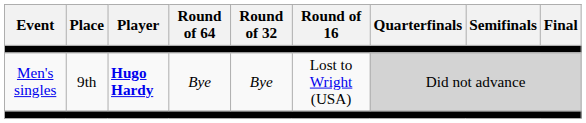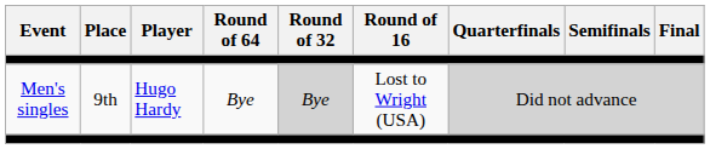 <table class=wikitable style="text-align:center">
 <tr>
 <th>Event</th>
 <th>Place</th>
 <th>Player</th>
 <th>Round of 64</th>
 <th>Round of 32</th>
 <th>Round of 16</th>
 <th>Quarterfinals</th>
 <th>Semifinals</th>
 <th>Final</th>
 </tr>
 <tr bgcolor=black>
 <td colspan=9></td>
 </tr>
 <tr>
 <td><a href='#'>Men's singles</a></td>
 <td>9th</td>
-<td align=left><strong><a href='#'>Hugo Hardy</a></strong></td>
+<td align=left><a href='#'>Hugo Hardy</a></td>
 <td><em>Bye</em></td>
-<td><em>Bye</em></td>
+<td style="background: lightgrey;"><em>Bye</em></td>
 <td>Lost to <a href='#'>Wright</a> (USA)</td>
 <td colspan=3 bgcolor=lightgray>Did not advance</td>
 </tr>
 <tr bgcolor=black>
 <td colspan=9></td>
 </tr>
 </table>
